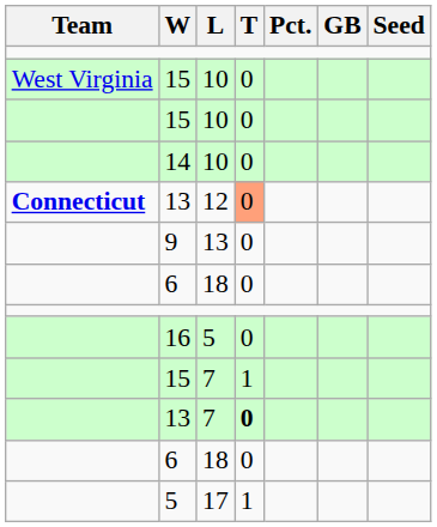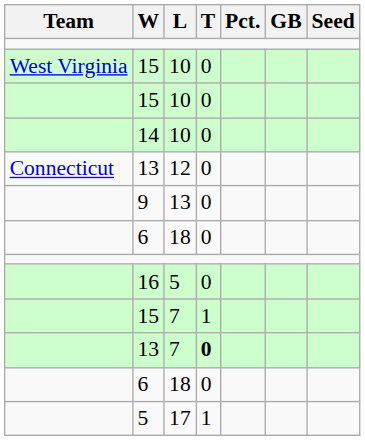 <table class=wikitable>
 <tr>
 <th>Team</th>
 <th>W</th>
 <th>L</th>
 <th>T</th>
 <th>Pct.</th>
 <th>GB</th>
 <th>Seed</th>
 </tr>
 <tr>
 <td colspan=7></td>
 </tr>
 <tr bgcolor=#ccffcc>
 <td><a href='#'>West Virginia</a></td>
 <td>15</td>
 <td>10</td>
 <td>0</td>
 <td></td>
 <td></td>
 <td></td>
 </tr>
 <tr bgcolor=#ccffcc>
 <td></td>
 <td>15</td>
 <td>10</td>
 <td>0</td>
 <td></td>
 <td></td>
 <td></td>
 </tr>
 <tr bgcolor=#ccffcc>
 <td></td>
 <td>14</td>
 <td>10</td>
 <td>0</td>
 <td></td>
 <td></td>
 <td></td>
 </tr>
 <tr>
-<td><strong><a href='#'>Connecticut</a></strong></td>
+<td><a href='#'>Connecticut</a></td>
 <td>13</td>
 <td>12</td>
-<td style="background: lightsalmon;">0</td>
+<td>0</td>
 <td></td>
 <td></td>
 <td></td>
 </tr>
 <tr>
 <td></td>
 <td>9</td>
 <td>13</td>
 <td>0</td>
 <td></td>
 <td></td>
 <td></td>
 </tr>
 <tr>
 <td></td>
 <td>6</td>
 <td>18</td>
 <td>0</td>
 <td></td>
 <td></td>
 <td></td>
 </tr>
 <tr>
 <td colspan=7></td>
 </tr>
 <tr bgcolor=#ccffcc>
 <td></td>
 <td>16</td>
 <td>5</td>
 <td>0</td>
 <td></td>
 <td></td>
 <td></td>
 </tr>
 <tr bgcolor=#ccffcc>
 <td></td>
 <td>15</td>
 <td>7</td>
 <td>1</td>
 <td></td>
 <td></td>
 <td></td>
 </tr>
 <tr bgcolor=#ccffcc>
 <td></td>
 <td>13</td>
 <td>7</td>
 <td><strong>0</strong></td>
 <td></td>
 <td></td>
 <td></td>
 </tr>
 <tr>
 <td></td>
 <td>6</td>
 <td>18</td>
 <td>0</td>
 <td></td>
 <td></td>
 <td></td>
 </tr>
 <tr>
 <td></td>
 <td>5</td>
 <td>17</td>
 <td>1</td>
 <td></td>
 <td></td>
 <td></td>
 </tr>
 </table>
